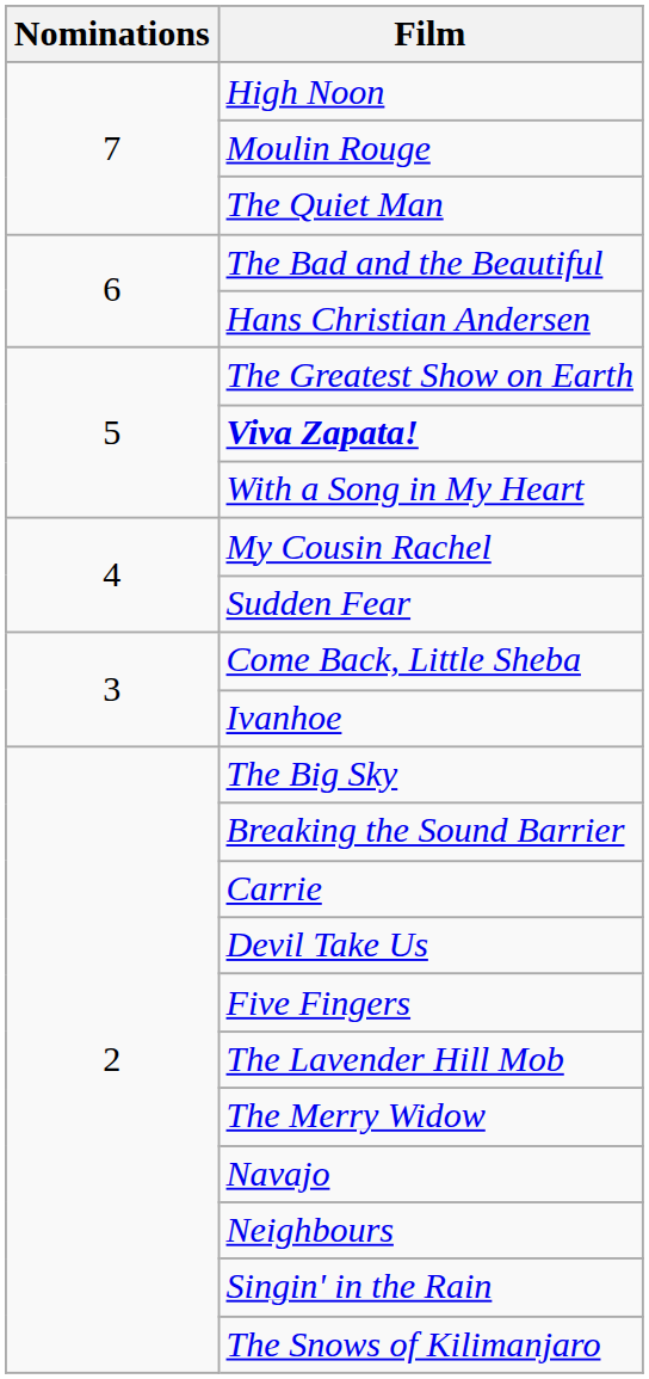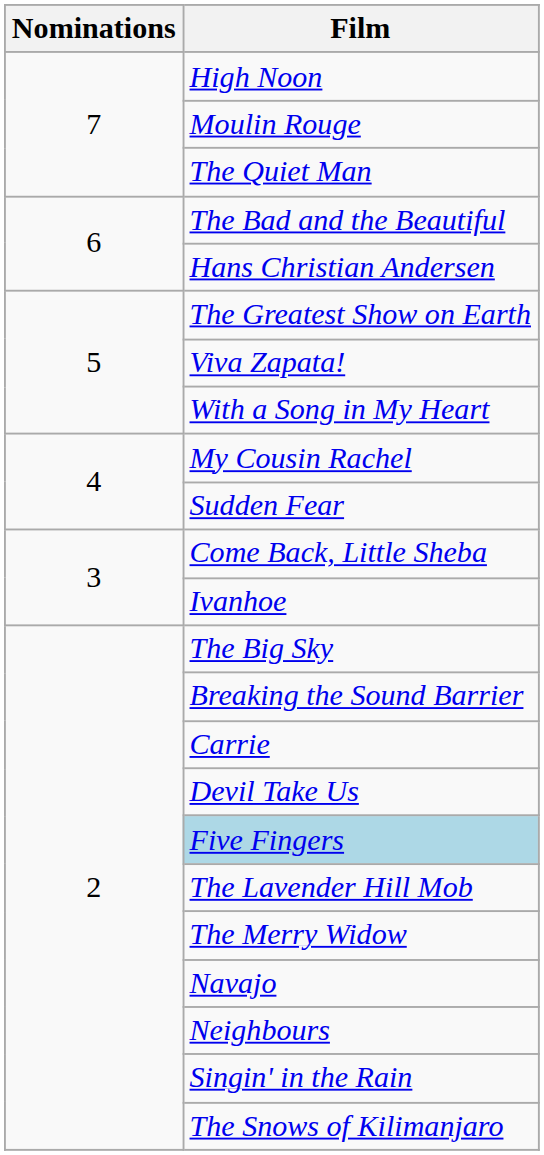 <table class="wikitable">
 <tr>
 <th>Nominations</th>
 <th>Film</th>
 </tr>
 <tr>
 <td rowspan="3" style="text-align:center">7</td>
 <td><em><a href='#'>High Noon</a></em></td>
 </tr>
 <tr>
 <td><em><a href='#'>Moulin Rouge</a></em></td>
 </tr>
 <tr>
 <td><em><a href='#'>The Quiet Man</a></em></td>
 </tr>
 <tr>
 <td rowspan="2" style="text-align:center">6</td>
 <td><em><a href='#'>The Bad and the Beautiful</a></em></td>
 </tr>
 <tr>
 <td><em><a href='#'>Hans Christian Andersen</a></em></td>
 </tr>
 <tr>
 <td rowspan="3" style="text-align:center">5</td>
 <td><em><a href='#'>The Greatest Show on Earth</a></em></td>
 </tr>
 <tr>
-<td><strong><em><a href='#'>Viva Zapata!</a></em></strong></td>
+<td><em><a href='#'>Viva Zapata!</a></em></td>
 </tr>
 <tr>
 <td><em><a href='#'>With a Song in My Heart</a></em></td>
 </tr>
 <tr>
 <td rowspan="2" style="text-align:center">4</td>
 <td><em><a href='#'>My Cousin Rachel</a></em></td>
 </tr>
 <tr>
 <td><em><a href='#'>Sudden Fear</a></em></td>
 </tr>
 <tr>
 <td rowspan="2" style="text-align:center">3</td>
 <td><em><a href='#'>Come Back, Little Sheba</a></em></td>
 </tr>
 <tr>
 <td><em><a href='#'>Ivanhoe</a></em></td>
 </tr>
 <tr>
 <td rowspan="11" style="text-align:center">2</td>
 <td><em><a href='#'>The Big Sky</a></em></td>
 </tr>
 <tr>
 <td><em><a href='#'>Breaking the Sound Barrier</a></em></td>
 </tr>
 <tr>
 <td><em><a href='#'>Carrie</a></em></td>
 </tr>
 <tr>
 <td><em><a href='#'>Devil Take Us</a></em></td>
 </tr>
 <tr>
-<td><em><a href='#'>Five Fingers</a></em></td>
+<td style="background: lightblue;"><em><a href='#'>Five Fingers</a></em></td>
 </tr>
 <tr>
 <td><em><a href='#'>The Lavender Hill Mob</a></em></td>
 </tr>
 <tr>
 <td><em><a href='#'>The Merry Widow</a></em></td>
 </tr>
 <tr>
 <td><em><a href='#'>Navajo</a></em></td>
 </tr>
 <tr>
 <td><em><a href='#'>Neighbours</a></em></td>
 </tr>
 <tr>
 <td><em><a href='#'>Singin' in the Rain</a></em></td>
 </tr>
 <tr>
 <td><em><a href='#'>The Snows of Kilimanjaro</a></em></td>
 </tr>
 </table>
